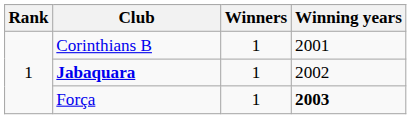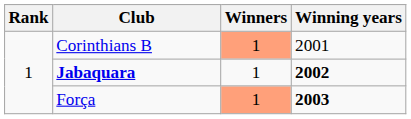 <table class="wikitable sortable">
 <tr>
 <th>Rank</th>
 <th style="width:150px">Club</th>
 <th>Winners</th>
 <th>Winning years</th>
 </tr>
 <tr>
 <td rowspan=3 align=center>1</td>
 <td><a href='#'>Corinthians B</a></td>
-<td align=center>1</td>
+<td align=center style="background: lightsalmon;">1</td>
 <td>2001</td>
 </tr>
 <tr>
 <td><strong><a href='#'>Jabaquara</a></strong></td>
 <td align=center>1</td>
-<td>2002</td>
+<td><strong>2002</strong></td>
 </tr>
 <tr>
 <td><a href='#'>Força</a></td>
-<td align=center>1</td>
+<td align=center style="background: lightsalmon;">1</td>
 <td><strong>2003</strong></td>
 </tr>
 </table>
